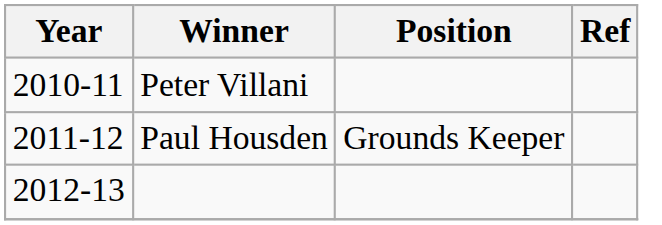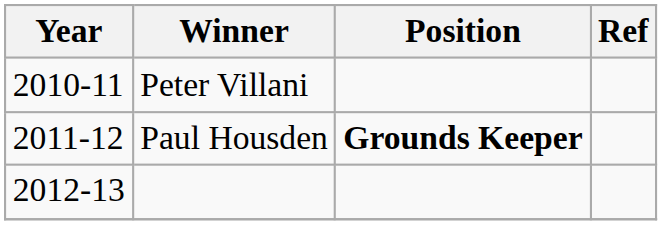 <table class="wikitable sortable">
 <tr>
 <th>Year</th>
 <th>Winner</th>
 <th>Position</th>
 <th class=unsortable>Ref</th>
 </tr>
 <tr>
 <td>2010-11</td>
 <td>Peter Villani</td>
 <td></td>
 <td></td>
 </tr>
 <tr>
 <td>2011-12</td>
 <td>Paul Housden</td>
-<td>Grounds Keeper</td>
+<td><strong>Grounds Keeper</strong></td>
 <td></td>
 </tr>
 <tr>
 <td>2012-13</td>
 <td></td>
 <td></td>
 <td></td>
 </tr>
 <tr>
 </tr>
 </table>
